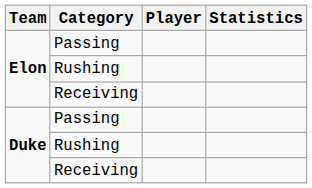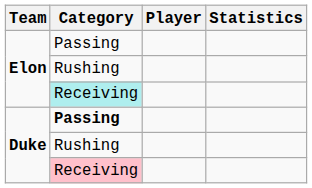 <table class="wikitable" style="float: right;">
 <tr>
 <th>Team</th>
 <th>Category</th>
 <th>Player</th>
 <th>Statistics</th>
 </tr>
 <tr>
 <td rowspan=3><strong>Elon</strong></td>
 <td>Passing</td>
 <td></td>
 <td></td>
 </tr>
 <tr>
 <td>Rushing</td>
 <td></td>
 <td></td>
 </tr>
 <tr>
-<td>Receiving</td>
+<td style="background: paleturquoise;">Receiving</td>
 <td></td>
 <td></td>
 </tr>
 <tr>
 <td rowspan=3><strong>Duke</strong></td>
-<td>Passing</td>
+<td><strong>Passing</strong></td>
 <td></td>
 <td></td>
 </tr>
 <tr>
 <td>Rushing</td>
 <td></td>
 <td></td>
 </tr>
 <tr>
-<td>Receiving</td>
+<td style="background: pink;">Receiving</td>
 <td></td>
 <td></td>
 </tr>
 </table>
